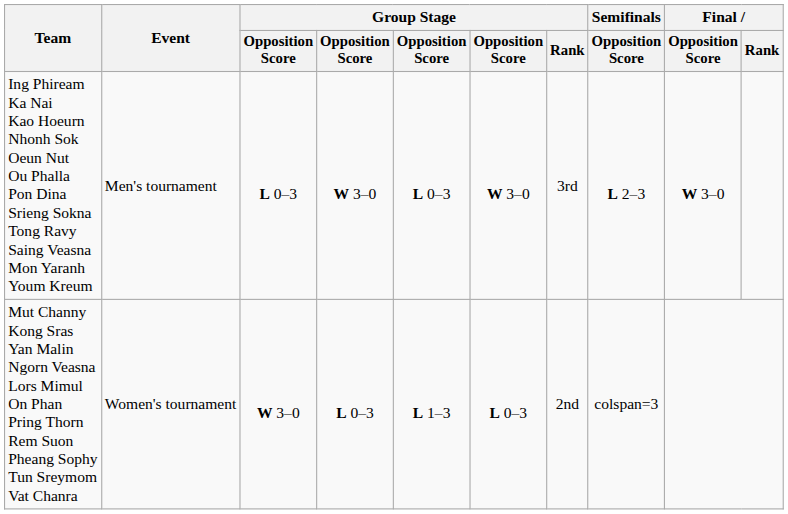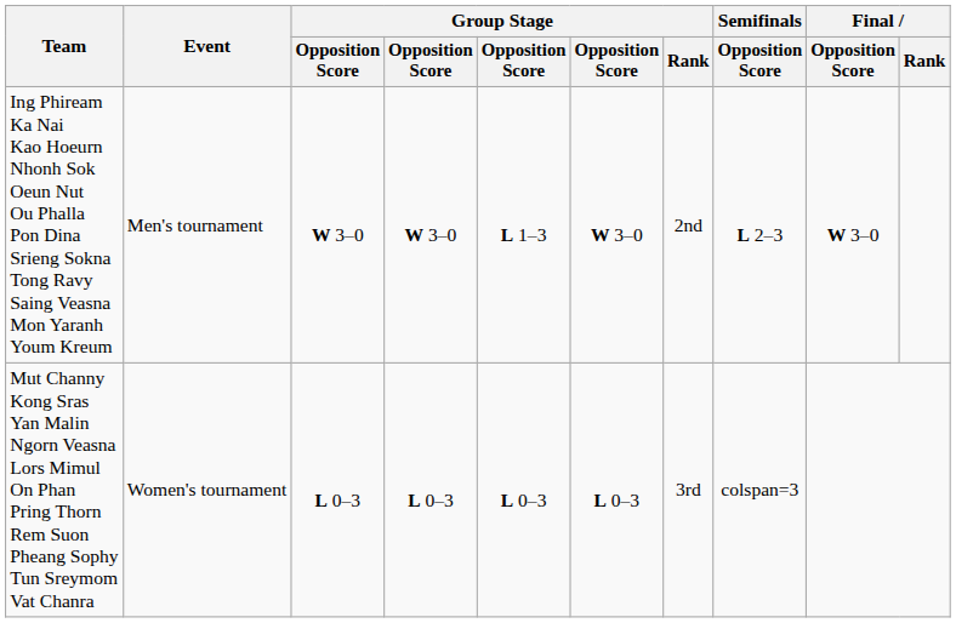 <table class="wikitable" style="font-size:90%">
 <tr>
 <th rowspan=2>Team</th>
 <th rowspan=2>Event</th>
 <th colspan=5>Group Stage</th>
 <th>Semifinals</th>
 <th colspan=2>Final / </th>
 </tr>
 <tr style="font-size:95%">
 <th>Opposition<br>Score</th>
 <th>Opposition<br>Score</th>
 <th>Opposition<br>Score</th>
 <th>Opposition<br>Score</th>
 <th>Rank</th>
 <th>Opposition<br>Score</th>
 <th>Opposition<br>Score</th>
 <th>Rank</th>
 </tr>
 <tr style="text-align:center">
 <td style="text-align:left">Ing Phiream<br>Ka Nai<br>Kao Hoeurn<br>Nhonh Sok<br>Oeun Nut<br>Ou Phalla<br>Pon Dina<br>Srieng Sokna<br>Tong Ravy<br>Saing Veasna<br>Mon Yaranh<br>Youm Kreum</td>
 <td style="text-align:left">Men's tournament</td>
-<td><br><strong>L</strong> 0–3</td>
 <td><br><strong>W</strong> 3–0</td>
-<td><br><strong>L</strong> 0–3</td>
 <td><br><strong>W</strong> 3–0</td>
-<td>3rd</td>
+<td><br><strong>L</strong> 1–3</td>
+<td><br><strong>W</strong> 3–0</td>
+<td>2nd</td>
 <td><br><strong>L</strong> 2–3</td>
 <td><br><strong>W</strong> 3–0</td>
 <td></td>
 </tr>
 <tr style="text-align:center">
 <td style="text-align:left">Mut Channy<br>Kong Sras<br>Yan Malin<br>Ngorn Veasna<br>Lors Mimul<br>On Phan<br>Pring Thorn<br>Rem Suon<br>Pheang Sophy<br>Tun Sreymom<br>Vat Chanra</td>
 <td style="text-align:left">Women's tournament</td>
-<td><br><strong>W</strong> 3–0</td>
 <td><br><strong>L</strong> 0–3</td>
-<td><br><strong>L</strong> 1–3</td>
 <td><br><strong>L</strong> 0–3</td>
-<td>2nd</td>
+<td><br><strong>L</strong> 0–3</td>
+<td><br><strong>L</strong> 0–3</td>
+<td>3rd</td>
 <td>colspan=3 </td>
 </tr>
 </table>
